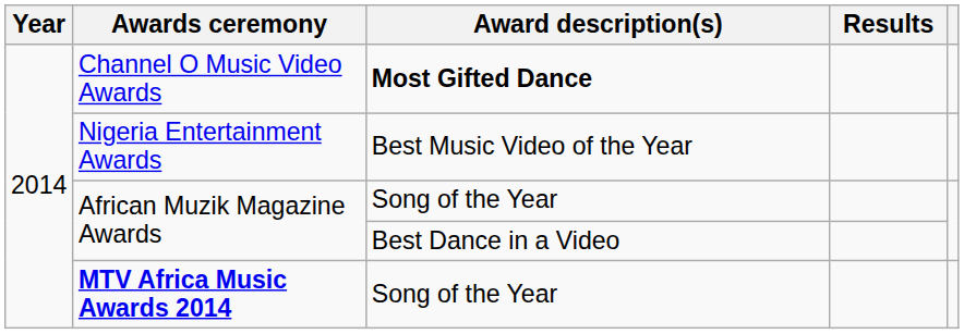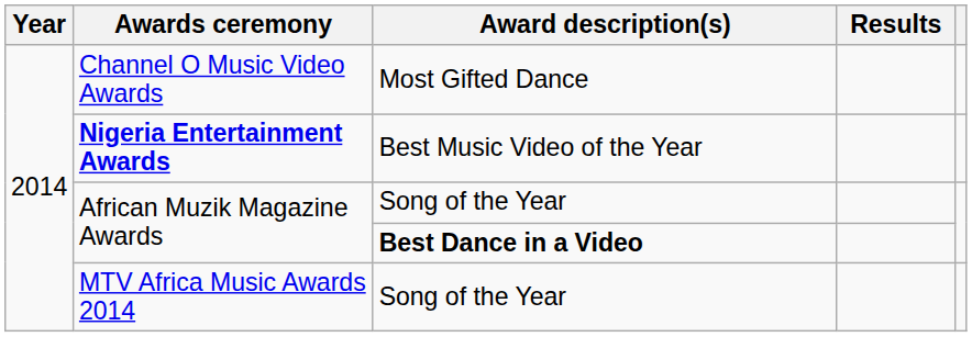 <table class="wikitable">
 <tr>
 <th>Year</th>
 <th style="width:250px;">Awards ceremony</th>
 <th style="width:450px;">Award description(s)</th>
 <th style="width:75px;">Results</th>
 <th class="unsortable" scope="col"></th>
 </tr>
 <tr>
 <td rowspan="5">2014</td>
 <td><a href='#'>Channel O Music Video Awards</a></td>
-<td><strong>Most Gifted Dance</strong></td>
+<td>Most Gifted Dance</td>
 <td></td>
 <td></td>
 </tr>
 <tr>
-<td><a href='#'>Nigeria Entertainment Awards</a></td>
+<td><strong><a href='#'>Nigeria Entertainment Awards</a></strong></td>
 <td>Best Music Video of the Year </td>
 <td></td>
 <td></td>
 </tr>
 <tr>
 <td rowspan="2">African Muzik Magazine Awards</td>
 <td>Song of the Year</td>
 <td></td>
 <td rowspan="2"></td>
 </tr>
 <tr>
-<td>Best Dance in a Video</td>
+<td><strong>Best Dance in a Video</strong></td>
 <td></td>
 </tr>
 <tr>
-<td><strong><a href='#'>MTV Africa Music Awards 2014</a></strong></td>
+<td><a href='#'>MTV Africa Music Awards 2014</a></td>
 <td>Song of the Year</td>
 <td></td>
 <td></td>
 </tr>
 </table>
